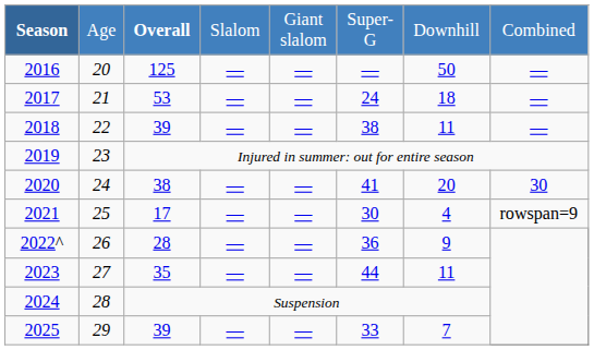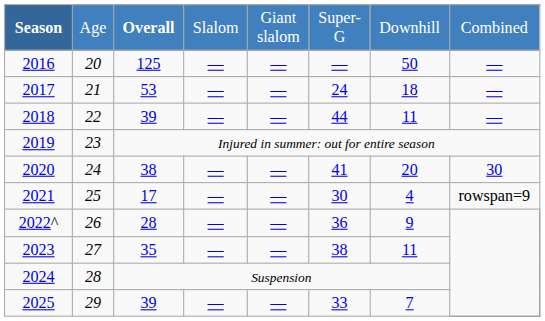 <table class="wikitable"  style="font-size:95%; text-align:center; border:gray solid 1px; width:40%;">
 <tr style="background:#369; color:white;">
 <td rowspan="2" style="width:6%;"><strong>Season</strong></td>
 </tr>
 <tr style="background:#4180be; color:white;">
 <td style="width:3%;">Age</td>
 <td style="width:5%;"><strong>Overall</strong></td>
 <td style="width:5%;">Slalom</td>
 <td style="width:5%;">Giant<br>slalom</td>
 <td style="width:5%;">Super-G</td>
 <td style="width:5%;">Downhill</td>
 <td style="width:5%;">Combined</td>
 </tr>
 <tr>
 <td><a href='#'>2016</a></td>
 <td><em>20</em></td>
 <td><a href='#'>125</a></td>
 <td><a href='#'>—</a></td>
 <td><a href='#'>—</a></td>
 <td><a href='#'>—</a></td>
 <td><a href='#'>50</a></td>
 <td><a href='#'>—</a></td>
 </tr>
 <tr>
 <td><a href='#'>2017</a></td>
 <td><em>21</em></td>
 <td><a href='#'>53</a></td>
 <td><a href='#'>—</a></td>
 <td><a href='#'>—</a></td>
 <td><a href='#'>24</a></td>
 <td><a href='#'>18</a></td>
 <td><a href='#'>—</a></td>
 </tr>
 <tr>
 <td><a href='#'>2018</a></td>
 <td><em>22</em></td>
 <td><a href='#'>39</a></td>
 <td><a href='#'>—</a></td>
 <td><a href='#'>—</a></td>
-<td><a href='#'>38</a></td>
+<td><a href='#'>44</a></td>
 <td><a href='#'>11</a></td>
 <td><a href='#'>—</a></td>
 </tr>
 <tr>
 <td><a href='#'>2019</a></td>
 <td><em>23</em></td>
 <td colspan=6><small><em>Injured in summer: out for entire season</em></small></td>
 </tr>
 <tr>
 <td><a href='#'>2020</a></td>
 <td><em>24</em></td>
 <td><a href='#'>38</a></td>
 <td><a href='#'>—</a></td>
 <td><a href='#'>—</a></td>
 <td><a href='#'>41</a></td>
 <td><a href='#'>20</a></td>
 <td><a href='#'>30</a></td>
 </tr>
 <tr>
 <td><a href='#'>2021</a></td>
 <td><em>25</em></td>
 <td><a href='#'>17</a></td>
 <td><a href='#'>—</a></td>
 <td><a href='#'>—</a></td>
 <td><a href='#'>30</a></td>
 <td><a href='#'>4</a></td>
 <td>rowspan=9</td>
 </tr>
 <tr>
 <td><a href='#'>2022</a>^</td>
 <td><em>26</em></td>
 <td><a href='#'>28</a></td>
 <td><a href='#'>—</a></td>
 <td><a href='#'>—</a></td>
 <td><a href='#'>36</a></td>
 <td><a href='#'>9</a></td>
 </tr>
 <tr>
 <td><a href='#'>2023</a></td>
 <td><em>27</em></td>
 <td><a href='#'>35</a></td>
 <td><a href='#'>—</a></td>
 <td><a href='#'>—</a></td>
-<td><a href='#'>44</a></td>
+<td><a href='#'>38</a></td>
 <td><a href='#'>11</a></td>
 </tr>
 <tr>
 <td><a href='#'>2024</a></td>
 <td><em>28</em></td>
 <td colspan=5><small><em>Suspension</em></small></td>
 </tr>
 <tr>
 <td><a href='#'>2025</a></td>
 <td><em>29</em></td>
 <td><a href='#'>39</a></td>
 <td><a href='#'>—</a></td>
 <td><a href='#'>—</a></td>
 <td><a href='#'>33</a></td>
 <td><a href='#'>7</a></td>
 </tr>
 </table>
